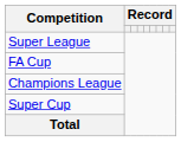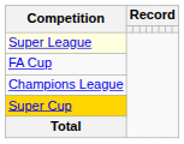 <table class="wikitable" style="text-align: center">
 <tr>
 <th rowspan=2>Competition</th>
 <th colspan=9>Record</th>
 </tr>
 <tr>
 <th></th>
 <th></th>
 <th></th>
 <th></th>
 <th></th>
 <th></th>
 <th></th>
 <th></th>
 </tr>
 <tr>
-<td style="text-align: left"><a href='#'>Super League</a><br></td>
+<td style="background: lightyellow; text-align: left"><a href='#'>Super League</a><br></td>
 </tr>
 <tr>
 <td style="text-align: left"><a href='#'>FA Cup</a><br></td>
 </tr>
 <tr>
 <td style="text-align: left"><a href='#'>Champions League</a><br></td>
 </tr>
 <tr>
-<td style="text-align: left"><a href='#'>Super Cup</a><br></td>
+<td style="background: gold; text-align: left"><a href='#'>Super Cup</a><br></td>
 </tr>
 <tr>
 <th>Total<br></th>
 </tr>
 </table>
